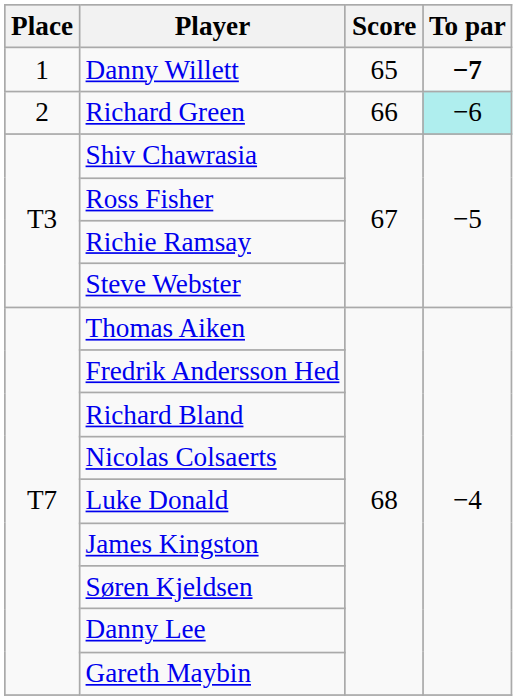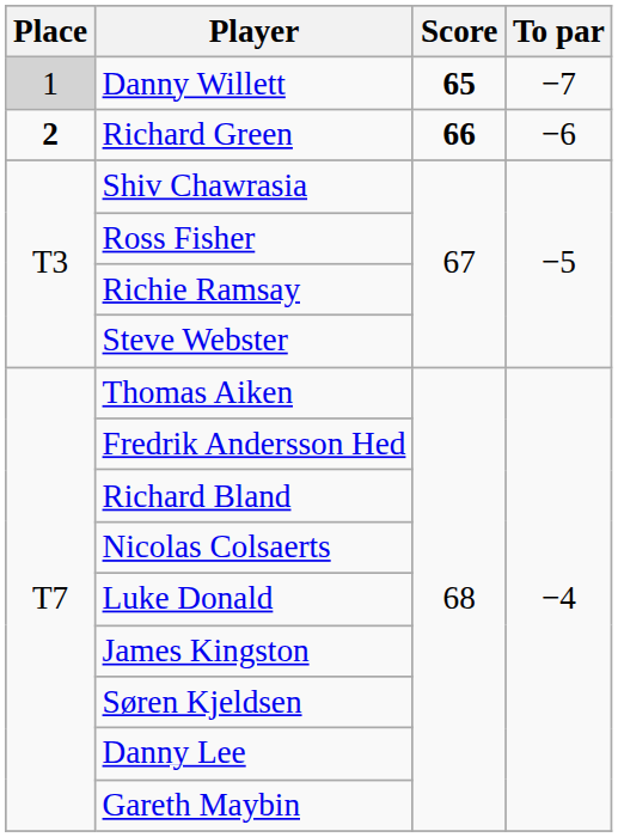 <table class="wikitable">
 <tr>
 <th>Place</th>
 <th>Player</th>
 <th>Score</th>
 <th>To par</th>
 </tr>
 <tr>
-<td align=center>1</td>
+<td align=center style="background: lightgrey;">1</td>
 <td> <a href='#'>Danny Willett</a></td>
-<td align=center>65</td>
-<td align=center><strong>−7</strong></td>
+<td align=center><strong>65</strong></td>
+<td align=center>−7</td>
 </tr>
 <tr>
-<td align=center>2</td>
+<td align=center><strong>2</strong></td>
 <td> <a href='#'>Richard Green</a></td>
-<td align=center>66</td>
-<td align=center style="background: paleturquoise;">−6</td>
+<td align=center><strong>66</strong></td>
+<td align=center>−6</td>
 </tr>
 <tr>
 <td rowspan="4" align=center>T3</td>
 <td> <a href='#'>Shiv Chawrasia</a></td>
 <td rowspan="4" align=center>67</td>
 <td rowspan="4" align=center>−5</td>
 </tr>
 <tr>
 <td> <a href='#'>Ross Fisher</a></td>
 </tr>
 <tr>
 <td> <a href='#'>Richie Ramsay</a></td>
 </tr>
 <tr>
 <td> <a href='#'>Steve Webster</a></td>
 </tr>
 <tr>
 <td rowspan="9" align=center>T7</td>
 <td> <a href='#'>Thomas Aiken</a></td>
 <td rowspan="9" align=center>68</td>
 <td rowspan="9" align=center>−4</td>
 </tr>
 <tr>
 <td> <a href='#'>Fredrik Andersson Hed</a></td>
 </tr>
 <tr>
 <td> <a href='#'>Richard Bland</a></td>
 </tr>
 <tr>
 <td> <a href='#'>Nicolas Colsaerts</a></td>
 </tr>
 <tr>
 <td> <a href='#'>Luke Donald</a></td>
 </tr>
 <tr>
 <td> <a href='#'>James Kingston</a></td>
 </tr>
 <tr>
 <td> <a href='#'>Søren Kjeldsen</a></td>
 </tr>
 <tr>
 <td> <a href='#'>Danny Lee</a></td>
 </tr>
 <tr>
 <td> <a href='#'>Gareth Maybin</a></td>
 </tr>
 </table>
